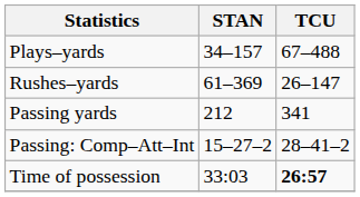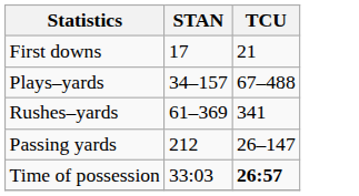 <table class="wikitable">
 <tr>
 <th>Statistics</th>
 <th>STAN</th>
 <th>TCU</th>
+</tr>
+<tr>
+<td>First downs</td>
+<td>17</td>
+<td>21</td>
 </tr>
 <tr>
 <td>Plays–yards</td>
 <td>34–157</td>
 <td>67–488</td>
 </tr>
 <tr>
 <td>Rushes–yards</td>
 <td>61–369</td>
-<td>26–147</td>
+<td>341</td>
 </tr>
 <tr>
 <td>Passing yards</td>
 <td>212</td>
-<td>341</td>
-</tr>
-<tr>
-<td>Passing: Comp–Att–Int</td>
-<td>15–27–2</td>
-<td>28–41–2</td>
+<td>26–147</td>
 </tr>
 <tr>
 <td>Time of possession</td>
 <td>33:03</td>
 <td><strong>26:57</strong></td>
 </tr>
 <tr>
 </tr>
 </table>
